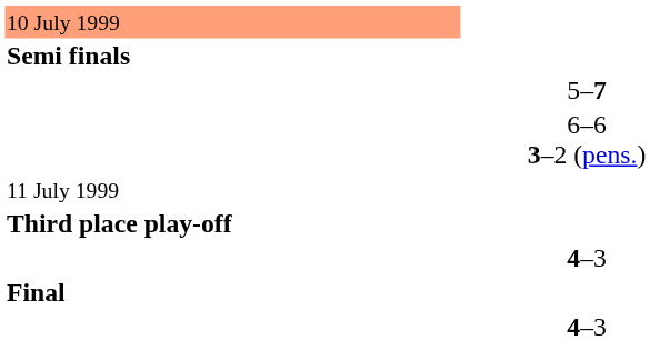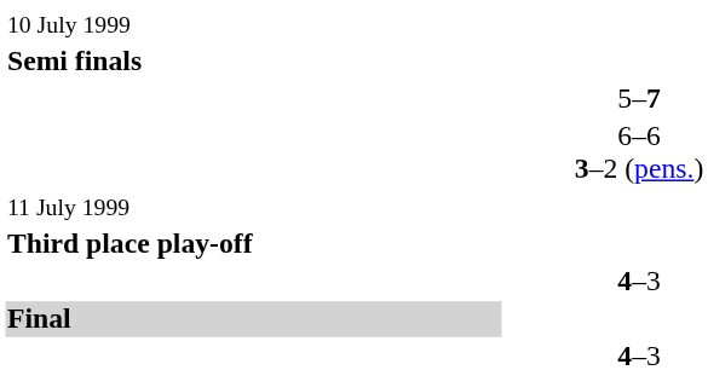 <table width=100% cellspacing=1>
 <tr>
 <th width=22%></th>
 <th width=12%></th>
 <th></th>
 </tr>
 <tr>
-<td style="background: lightsalmon;"><small>10 July 1999</small></td>
+<td><small>10 July 1999</small></td>
 </tr>
 <tr>
 <td><strong>Semi finals</strong></td>
 </tr>
 <tr>
 <td align=right></td>
 <td align=center>5–<strong>7</strong></td>
 <td><strong></strong></td>
 </tr>
 <tr>
 <td align=right><strong></strong></td>
 <td align=center>6–6 <br><strong>3</strong>–2 (<a href='#'>pens.</a>)</td>
 <td></td>
 </tr>
 <tr>
 <td><small>11 July 1999</small></td>
 </tr>
 <tr>
 <td><strong>Third place play-off</strong></td>
 </tr>
 <tr>
 <td align=right><strong></strong></td>
 <td align=center><strong>4</strong>–3</td>
 <td></td>
 </tr>
 <tr>
-<td><strong>Final</strong></td>
+<td style="background: lightgrey;"><strong>Final</strong></td>
 </tr>
 <tr>
 <td align=right><strong></strong></td>
 <td align=center><strong>4</strong>–3</td>
 <td></td>
 </tr>
 </table>
